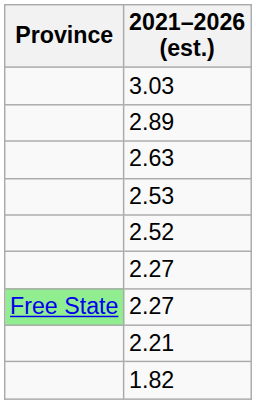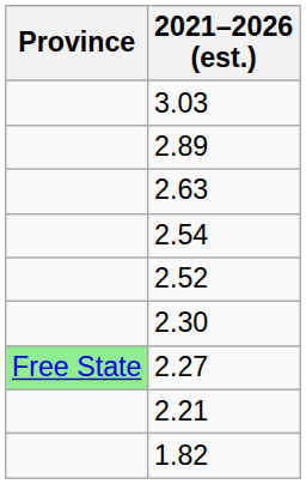 <table class="wikitable sortable">
 <tr>
 <th>Province</th>
 <th>2021–2026<br>(est.)</th>
 </tr>
 <tr>
 <td></td>
 <td>3.03</td>
 </tr>
 <tr>
 <td></td>
 <td>2.89</td>
 </tr>
 <tr>
 <td></td>
 <td>2.63</td>
 </tr>
 <tr>
 <td></td>
-<td>2.53</td>
+<td>2.54</td>
 </tr>
 <tr>
 <td></td>
 <td>2.52</td>
 </tr>
 <tr>
 <td></td>
-<td>2.27</td>
+<td>2.30</td>
 </tr>
 <tr>
 <td style="background: lightgreen;"> <a href='#'>Free State</a></td>
 <td>2.27</td>
 </tr>
 <tr>
 <td></td>
 <td>2.21</td>
 </tr>
 <tr>
 <td></td>
 <td>1.82</td>
 </tr>
 </table>
